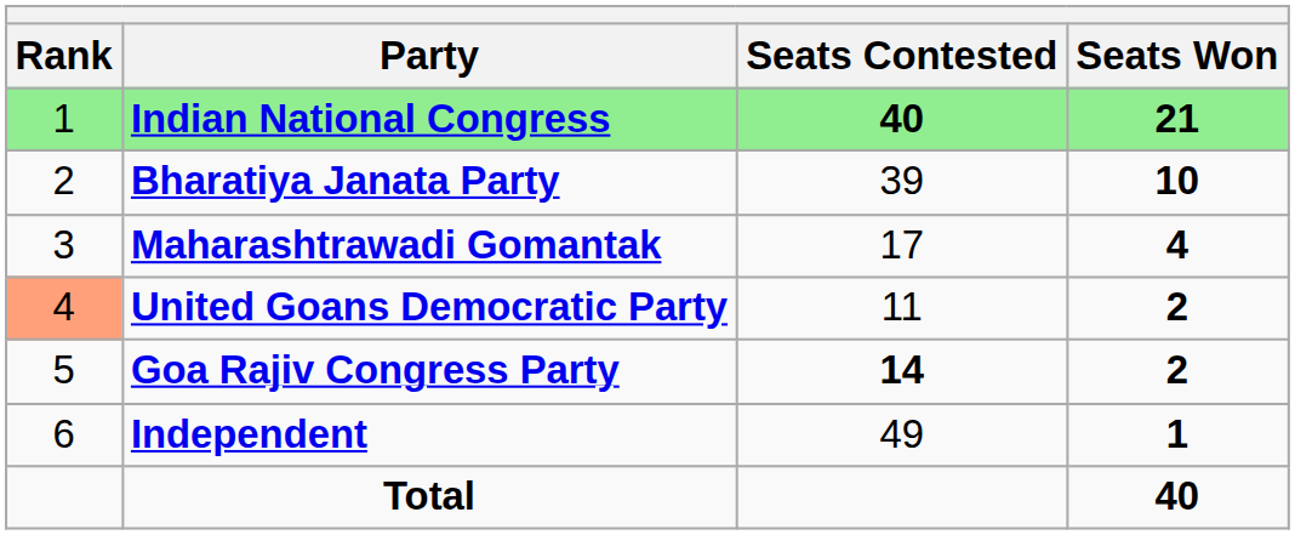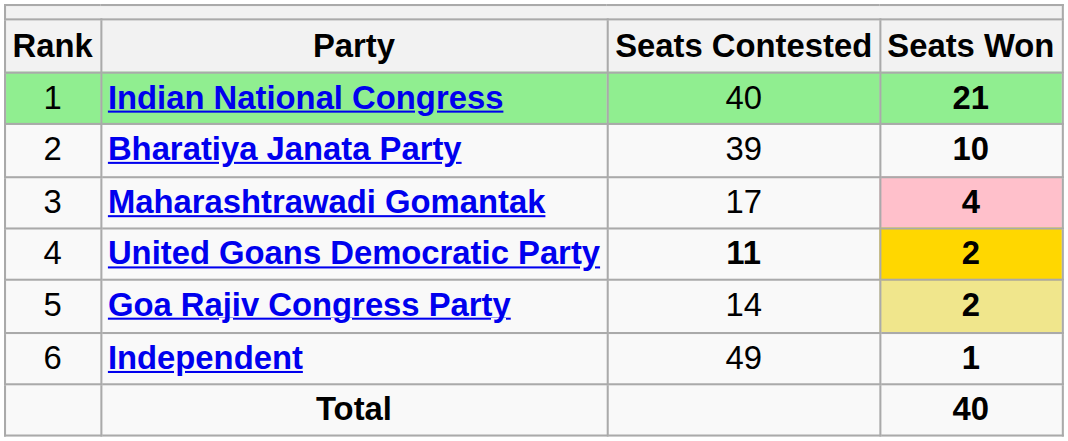 <table class="wikitable sortable" style="text-align: center;">
 <tr>
 <th colspan=10></th>
 </tr>
 <tr>
 <th align="center">Rank</th>
 <th align="center">Party</th>
 <th align="center">Seats Contested</th>
 <th align="center">Seats Won</th>
 </tr>
 <tr style="background: #90EE90;">
 <td>1</td>
 <td align="left"><strong><a href='#'>Indian National Congress</a></strong></td>
-<td><strong>40</strong></td>
+<td>40</td>
 <td><strong>21</strong></td>
 </tr>
 <tr style="background:">
 <td>2</td>
 <td align="left"><strong><a href='#'>Bharatiya Janata Party</a></strong></td>
 <td>39</td>
 <td><strong>10</strong></td>
 </tr>
 <tr>
 <td>3</td>
 <td align="left"><strong><a href='#'>Maharashtrawadi Gomantak</a></strong></td>
 <td>17</td>
-<td><strong>4</strong></td>
+<td style="background: pink;"><strong>4</strong></td>
 </tr>
 <tr>
-<td style="background: lightsalmon;">4</td>
+<td>4</td>
 <td align="left"><strong><a href='#'>United Goans Democratic Party</a></strong></td>
-<td>11</td>
-<td><strong>2</strong></td>
+<td><strong>11</strong></td>
+<td style="background: gold;"><strong>2</strong></td>
 </tr>
 <tr>
 <td>5</td>
 <td align="left"><strong><a href='#'>Goa Rajiv Congress Party</a></strong></td>
-<td><strong>14</strong></td>
-<td><strong>2</strong></td>
+<td>14</td>
+<td style="background: khaki;"><strong>2</strong></td>
 </tr>
 <tr style="background:">
 <td>6</td>
 <td align="left"><strong><a href='#'>Independent</a></strong></td>
 <td>49</td>
 <td><strong>1</strong></td>
 </tr>
 <tr>
 <td></td>
 <td align="centre"><strong>Total </strong></td>
 <td></td>
 <td><strong>40</strong></td>
 </tr>
 </table>
